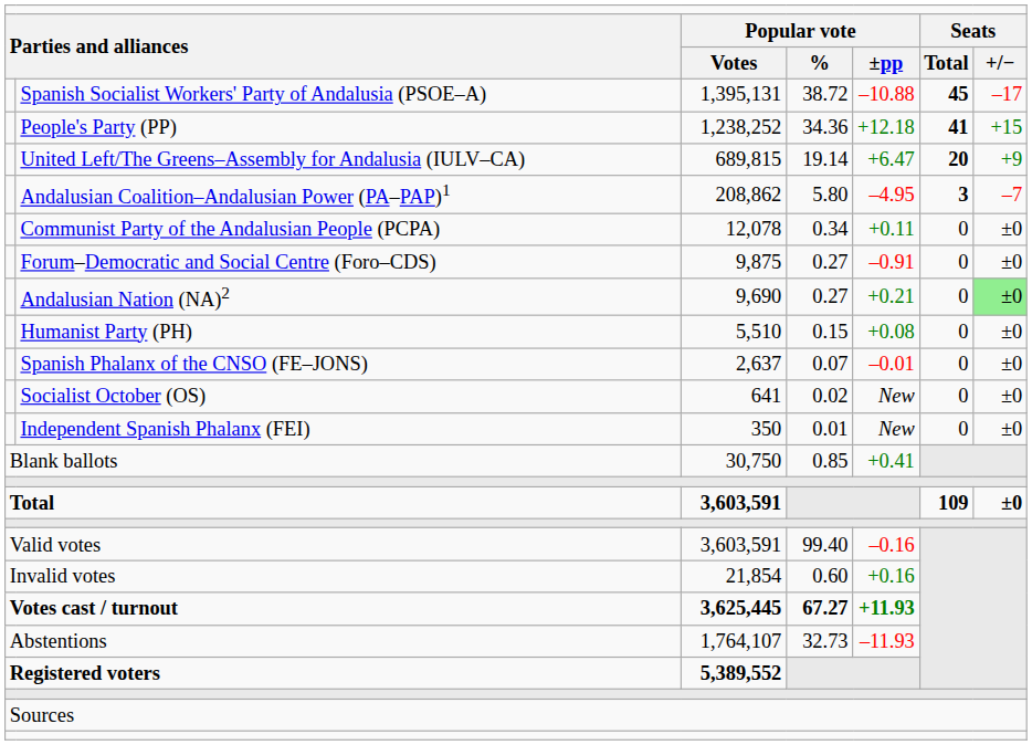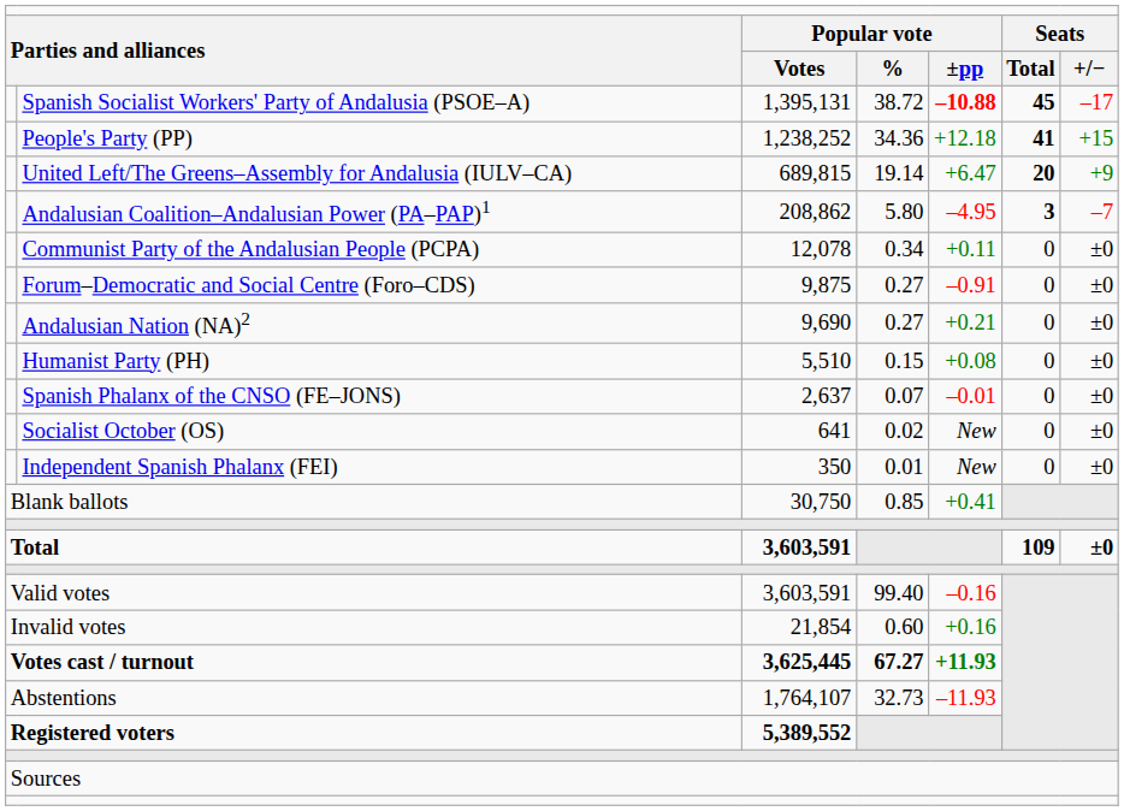 <table class="wikitable" style="text-align:right;">
 <tr>
 <td colspan="7"></td>
 </tr>
 <tr>
 <th style="text-align:left;" rowspan="2" colspan="2" width="525">Parties and alliances</th>
 <th colspan="3">Popular vote</th>
 <th colspan="2">Seats</th>
 </tr>
 <tr>
 <th width="75">Votes</th>
 <th width="45">%</th>
 <th width="45">±<a href='#'>pp</a></th>
 <th width="35">Total</th>
 <th width="35">+/−</th>
 </tr>
 <tr>
 <td width="1" style="color:inherit;background:"></td>
 <td align="left"><a href='#'>Spanish Socialist Workers' Party of Andalusia</a> (PSOE–A)</td>
 <td>1,395,131</td>
 <td>38.72</td>
-<td style="color:red;">–10.88</td>
+<td style="color:red;"><strong>–10.88</strong></td>
 <td><strong>45</strong></td>
 <td style="color:red;">–17</td>
 </tr>
 <tr>
 <td style="color:inherit;background:"></td>
 <td align="left"><a href='#'>People's Party</a> (PP)</td>
 <td>1,238,252</td>
 <td>34.36</td>
 <td style="color:green;">+12.18</td>
 <td><strong>41</strong></td>
 <td style="color:green;">+15</td>
 </tr>
 <tr>
 <td style="color:inherit;background:"></td>
 <td align="left"><a href='#'>United Left/The Greens–Assembly for Andalusia</a> (IULV–CA)</td>
 <td>689,815</td>
 <td>19.14</td>
 <td style="color:green;">+6.47</td>
 <td><strong>20</strong></td>
 <td style="color:green;">+9</td>
 </tr>
 <tr>
 <td style="color:inherit;background:"></td>
 <td align="left"><a href='#'>Andalusian Coalition–Andalusian Power</a> (<a href='#'>PA</a>–<a href='#'>PAP</a>)<sup>1</sup></td>
 <td>208,862</td>
 <td>5.80</td>
 <td style="color:red;">–4.95</td>
 <td><strong>3</strong></td>
 <td style="color:red;">–7</td>
 </tr>
 <tr>
 <td style="color:inherit;background:"></td>
 <td align="left"><a href='#'>Communist Party of the Andalusian People</a> (PCPA)</td>
 <td>12,078</td>
 <td>0.34</td>
 <td style="color:green;">+0.11</td>
 <td>0</td>
 <td>±0</td>
 </tr>
 <tr>
 <td style="color:inherit;background:"></td>
 <td align="left"><a href='#'>Forum</a>–<a href='#'>Democratic and Social Centre</a> (Foro–CDS)</td>
 <td>9,875</td>
 <td>0.27</td>
 <td style="color:red;">–0.91</td>
 <td>0</td>
 <td>±0</td>
 </tr>
 <tr>
 <td style="color:inherit;background:"></td>
 <td align="left"><a href='#'>Andalusian Nation</a> (NA)<sup>2</sup></td>
 <td>9,690</td>
 <td>0.27</td>
 <td style="color:green;">+0.21</td>
 <td>0</td>
-<td style="background: lightgreen;">±0</td>
+<td>±0</td>
 </tr>
 <tr>
 <td style="color:inherit;background:"></td>
 <td align="left"><a href='#'>Humanist Party</a> (PH)</td>
 <td>5,510</td>
 <td>0.15</td>
 <td style="color:green;">+0.08</td>
 <td>0</td>
 <td>±0</td>
 </tr>
 <tr>
 <td style="color:inherit;background:"></td>
 <td align="left"><a href='#'>Spanish Phalanx of the CNSO</a> (FE–JONS)</td>
 <td>2,637</td>
 <td>0.07</td>
 <td style="color:red;">–0.01</td>
 <td>0</td>
 <td>±0</td>
 </tr>
 <tr>
 <td style="color:inherit;background:"></td>
 <td align="left"><a href='#'>Socialist October</a> (OS)</td>
 <td>641</td>
 <td>0.02</td>
 <td><em>New</em></td>
 <td>0</td>
 <td>±0</td>
 </tr>
 <tr>
 <td style="color:inherit;background:"></td>
 <td align="left"><a href='#'>Independent Spanish Phalanx</a> (FEI)</td>
 <td>350</td>
 <td>0.01</td>
 <td><em>New</em></td>
 <td>0</td>
 <td>±0</td>
 </tr>
 <tr>
 <td align="left" colspan="2">Blank ballots</td>
 <td>30,750</td>
 <td>0.85</td>
 <td style="color:green;">+0.41</td>
 <td bgcolor="#E9E9E9" colspan="2"></td>
 </tr>
 <tr>
 <td colspan="7" bgcolor="#E9E9E9"></td>
 </tr>
 <tr style="font-weight:bold;">
 <td align="left" colspan="2">Total</td>
 <td>3,603,591</td>
 <td bgcolor="#E9E9E9" colspan="2"></td>
 <td>109</td>
 <td>±0</td>
 </tr>
 <tr>
 <td colspan="7" bgcolor="#E9E9E9"></td>
 </tr>
 <tr>
 <td align="left" colspan="2">Valid votes</td>
 <td>3,603,591</td>
 <td>99.40</td>
 <td style="color:red;">–0.16</td>
 <td bgcolor="#E9E9E9" colspan="2" rowspan="5"></td>
 </tr>
 <tr>
 <td align="left" colspan="2">Invalid votes</td>
 <td>21,854</td>
 <td>0.60</td>
 <td style="color:green;">+0.16</td>
 </tr>
 <tr style="font-weight:bold;">
 <td align="left" colspan="2">Votes cast / turnout</td>
 <td>3,625,445</td>
 <td>67.27</td>
 <td style="color:green;">+11.93</td>
 </tr>
 <tr>
 <td align="left" colspan="2">Abstentions</td>
 <td>1,764,107</td>
 <td>32.73</td>
 <td style="color:red;">–11.93</td>
 </tr>
 <tr style="font-weight:bold;">
 <td align="left" colspan="2">Registered voters</td>
 <td>5,389,552</td>
 <td bgcolor="#E9E9E9" colspan="2"></td>
 </tr>
 <tr>
 <td colspan="7" bgcolor="#E9E9E9"></td>
 </tr>
 <tr>
 <td align="left" colspan="7">Sources</td>
 </tr>
 <tr>
 <td colspan="7" style="text-align:left; max-width:790px;"></td>
 </tr>
 </table>
